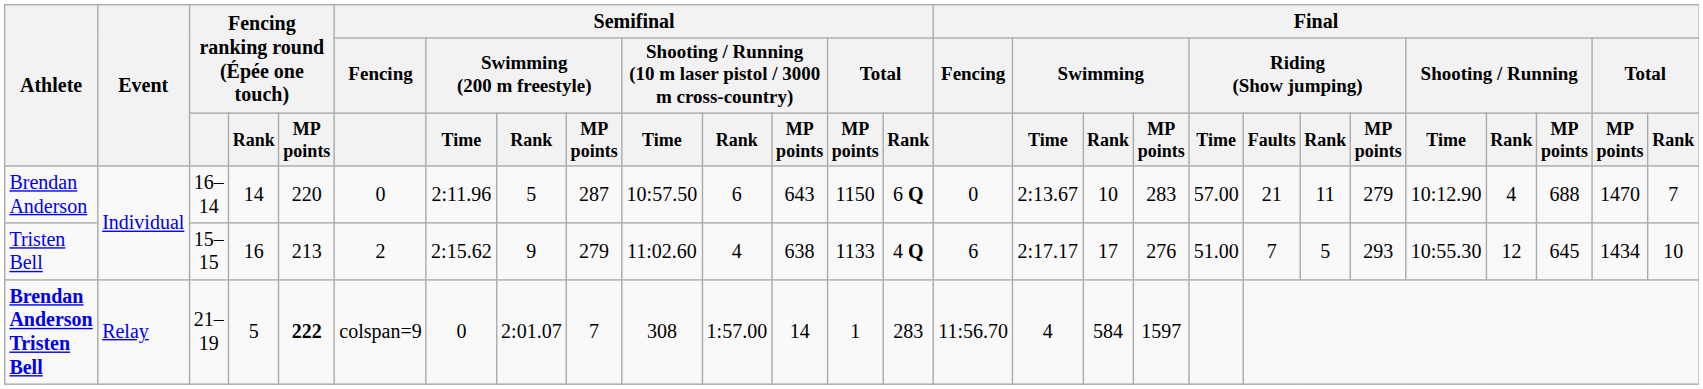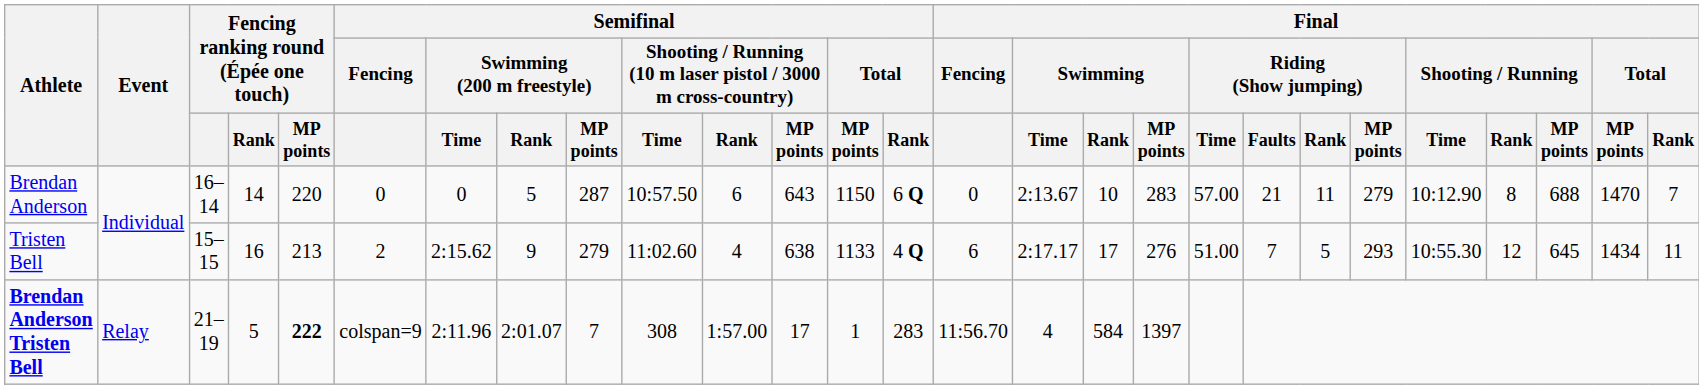 <table class=wikitable style=font-size:90%;text-align:center>
 <tr>
 <th rowspan=3>Athlete</th>
 <th rowspan=3>Event</th>
 <th colspan=3 rowspan=2>Fencing ranking round<br><span>(Épée one touch)</span></th>
 <th colspan=9>Semifinal</th>
 <th colspan=13>Final</th>
 </tr>
 <tr style=font-size:95%>
 <th>Fencing</th>
 <th colspan=3>Swimming<br><span>(200 m freestyle)</span></th>
 <th colspan=3>Shooting / Running<br><span>(10 m laser pistol / 3000 m cross-country)</span></th>
 <th colspan=2>Total</th>
 <th>Fencing</th>
 <th colspan=3>Swimming</th>
 <th colspan=4>Riding<br><span>(Show jumping)</span></th>
 <th colspan=3>Shooting / Running</th>
 <th colspan=2>Total</th>
 </tr>
 <tr style=font-size:90%>
 <th></th>
 <th>Rank</th>
 <th>MP points</th>
 <th></th>
 <th>Time</th>
 <th>Rank</th>
 <th>MP points</th>
 <th>Time</th>
 <th>Rank</th>
 <th>MP points</th>
 <th>MP points</th>
 <th>Rank</th>
 <th></th>
 <th>Time</th>
 <th>Rank</th>
 <th>MP points</th>
 <th>Time</th>
 <th>Faults</th>
 <th>Rank</th>
 <th>MP points</th>
 <th>Time</th>
 <th>Rank</th>
 <th>MP points</th>
 <th>MP points</th>
 <th>Rank</th>
 </tr>
 <tr>
 <td align=left><a href='#'>Brendan Anderson</a></td>
 <td align=left rowspan=2><a href='#'>Individual</a></td>
 <td>16–14</td>
 <td>14</td>
 <td>220</td>
 <td>0</td>
-<td>2:11.96</td>
+<td>0</td>
 <td>5</td>
 <td>287</td>
 <td>10:57.50</td>
 <td>6</td>
 <td>643</td>
 <td>1150</td>
 <td>6 <strong>Q</strong></td>
 <td>0</td>
 <td>2:13.67</td>
 <td>10</td>
 <td>283</td>
 <td>57.00</td>
 <td>21</td>
 <td>11</td>
 <td>279</td>
 <td>10:12.90</td>
-<td>4</td>
+<td>8</td>
 <td>688</td>
 <td>1470</td>
 <td>7</td>
 </tr>
 <tr>
 <td align=left><a href='#'>Tristen Bell</a></td>
 <td>15–15</td>
 <td>16</td>
 <td>213</td>
 <td>2</td>
 <td>2:15.62</td>
 <td>9</td>
 <td>279</td>
 <td>11:02.60</td>
 <td>4</td>
 <td>638</td>
 <td>1133</td>
 <td>4 <strong>Q</strong></td>
 <td>6</td>
 <td>2:17.17</td>
 <td>17</td>
 <td>276</td>
 <td>51.00</td>
 <td>7</td>
 <td>5</td>
 <td>293</td>
 <td>10:55.30</td>
 <td>12</td>
 <td>645</td>
 <td>1434</td>
-<td>10</td>
+<td>11</td>
 </tr>
 <tr>
 <td align=left><strong><a href='#'>Brendan Anderson</a><br><a href='#'>Tristen Bell</a></strong></td>
 <td align=left><a href='#'>Relay</a></td>
 <td>21–19</td>
 <td>5</td>
 <td><strong>222</strong></td>
 <td>colspan=9 </td>
-<td>0</td>
+<td>2:11.96</td>
 <td>2:01.07</td>
 <td>7</td>
 <td>308</td>
 <td>1:57.00</td>
-<td>14</td>
+<td>17</td>
 <td>1</td>
 <td>283</td>
 <td>11:56.70</td>
 <td>4</td>
 <td>584</td>
-<td>1597</td>
+<td>1397</td>
 <td></td>
 </tr>
 </table>
